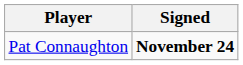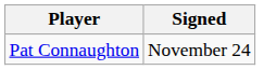 <table class="wikitable sortable sortable">
 <tr>
 <th>Player</th>
 <th>Signed</th>
 </tr>
 <tr style="text-align: center">
 <td><a href='#'>Pat Connaughton</a></td>
-<td><strong>November 24</strong></td>
+<td>November 24</td>
 </tr>
 </table>
